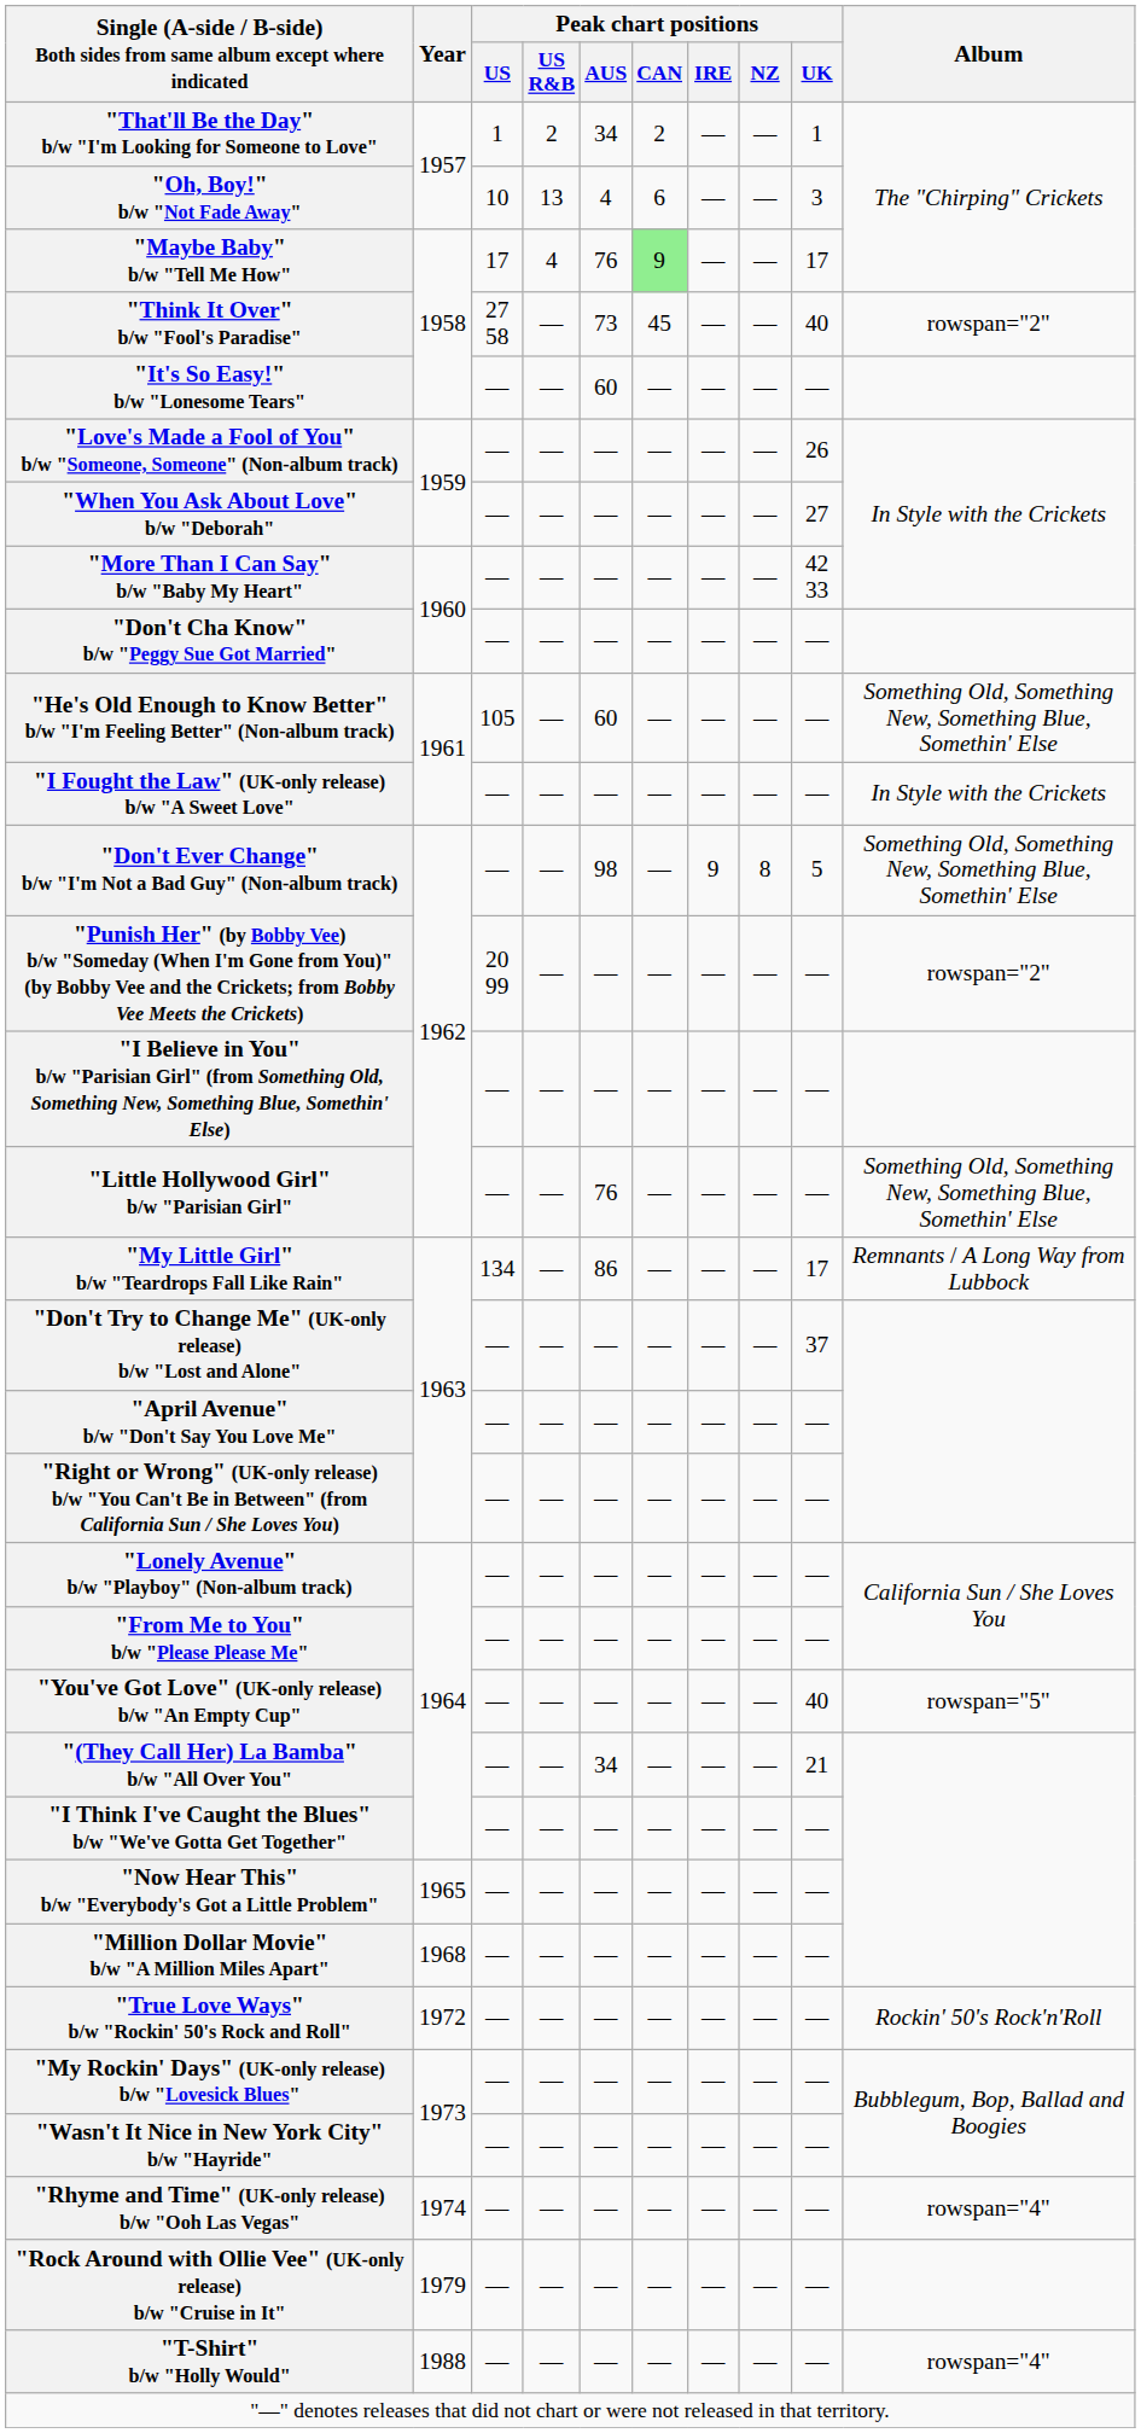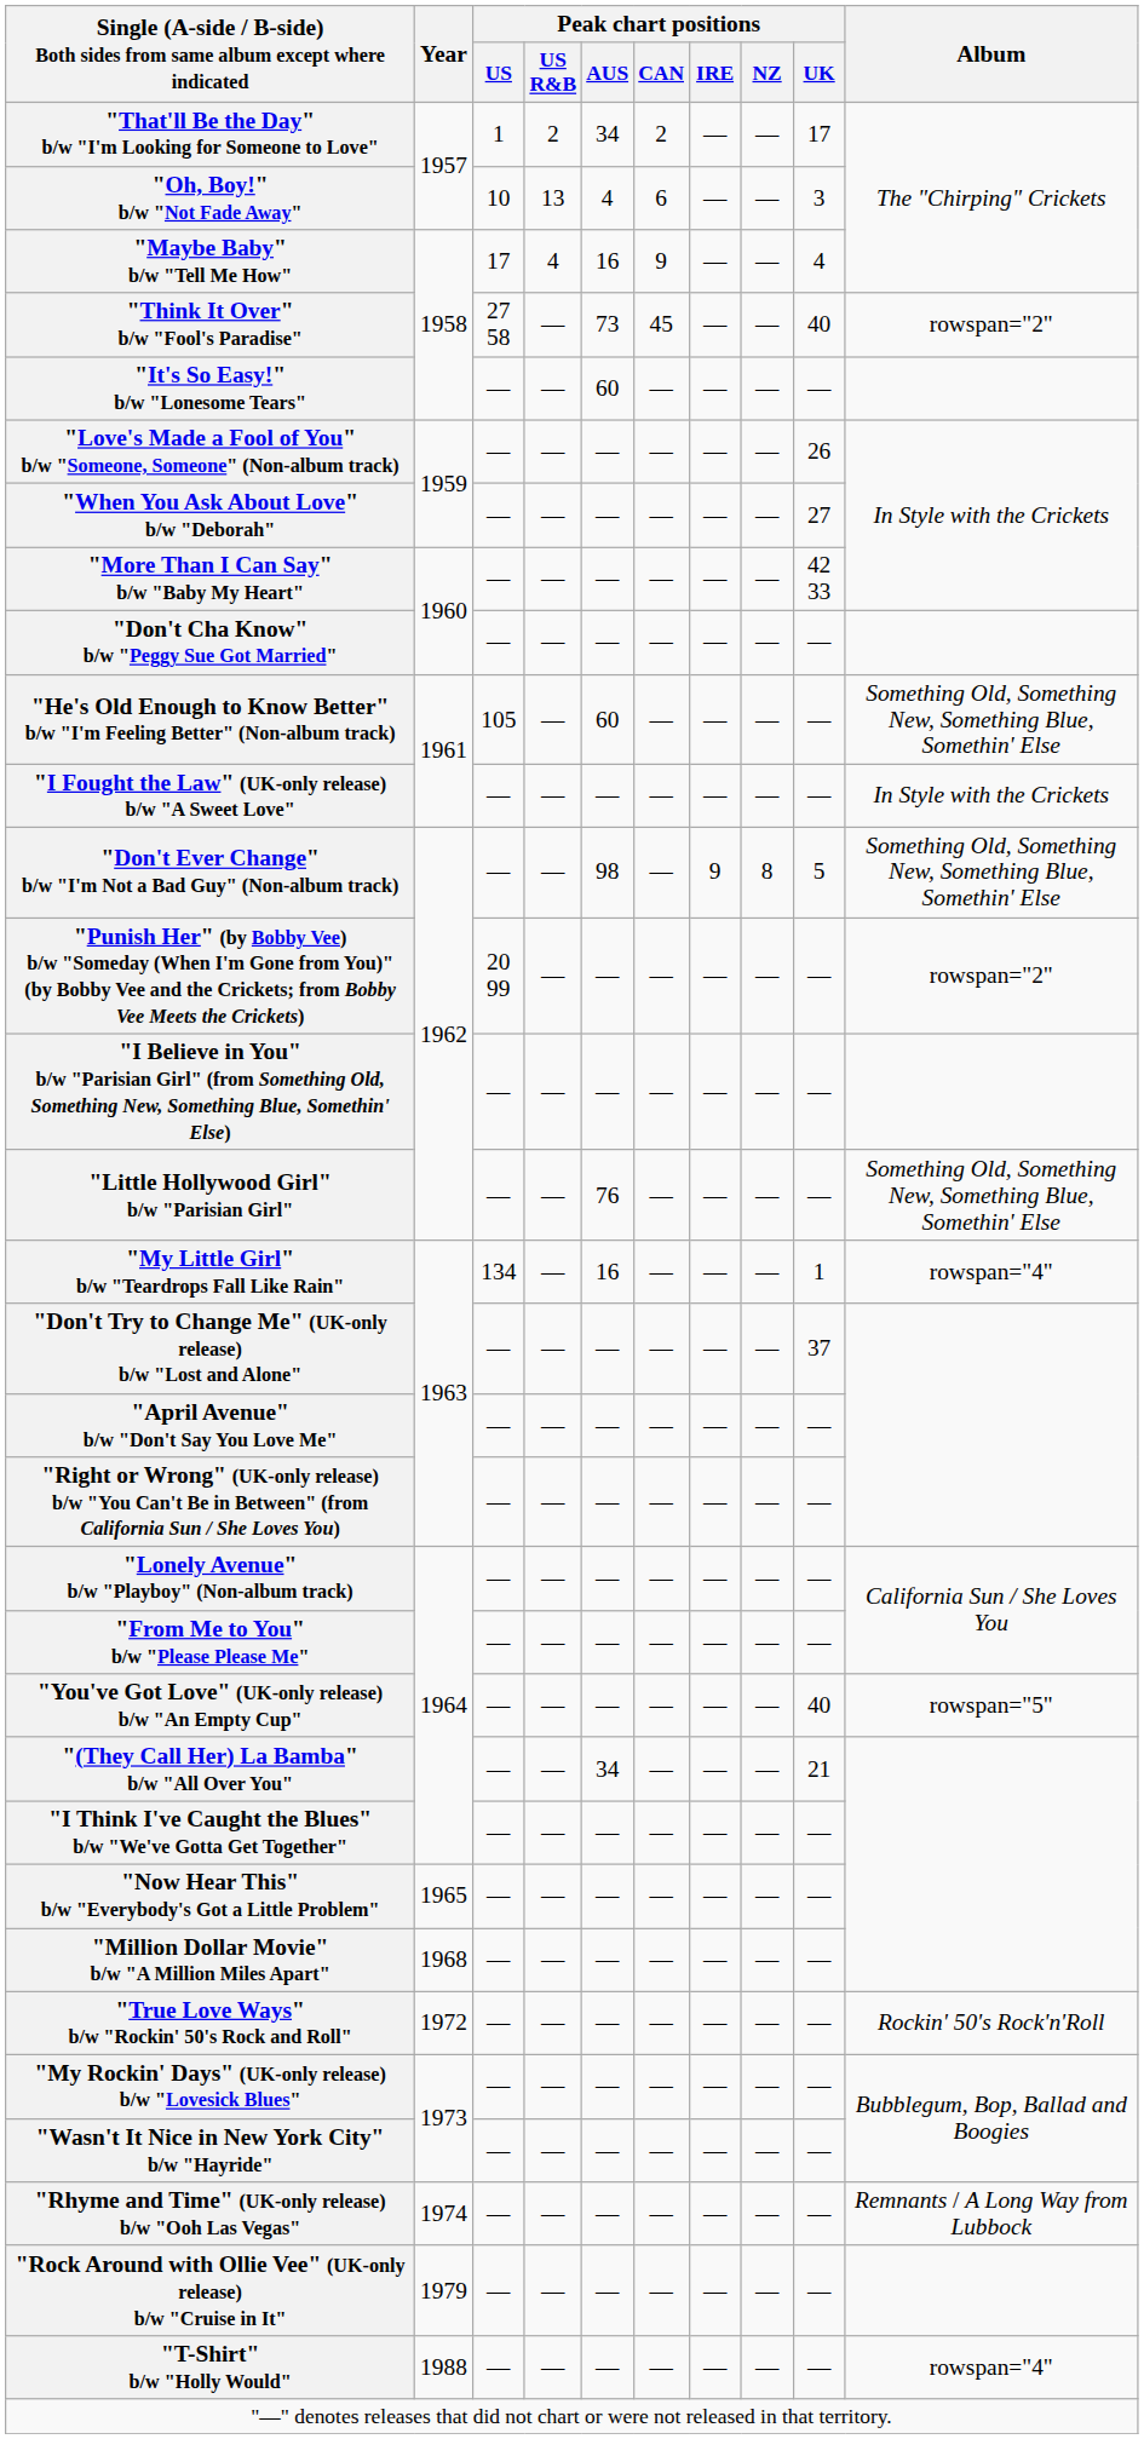 <table class="wikitable plainrowheaders" style="text-align:center;">
 <tr>
 <th rowspan="2" scope="col" style="width:17em;">Single (A-side / B-side)<br><small>Both sides from same album except where indicated</small></th>
 <th rowspan="2" scope="col" style="width:2em;">Year</th>
 <th colspan="7">Peak chart positions</th>
 <th rowspan="2" style="width:12em;">Album</th>
 </tr>
 <tr>
 <th scope="col" style="width:2em;font-size:90%;"><a href='#'>US</a><br></th>
 <th scope="col" style="width:2em;font-size:90%;"><a href='#'>US R&B</a><br></th>
 <th scope="col" style="width:2em;font-size:90%;"><a href='#'>AUS</a><br></th>
 <th scope="col" style="width:2em;font-size:90%;"><a href='#'>CAN</a><br></th>
 <th scope="col" style="width:2em;font-size:90%;"><a href='#'>IRE</a><br></th>
 <th scope="col" style="width:2em;font-size:90%;"><a href='#'>NZ</a><br></th>
 <th scope="col" style="width:2em;font-size:90%;"><a href='#'>UK</a><br></th>
 </tr>
 <tr>
 <th scope="row">"<a href='#'>That'll Be the Day</a>"<br><small>b/w "I'm Looking for Someone to Love"</small></th>
 <td rowspan="2">1957</td>
 <td>1</td>
 <td>2</td>
 <td>34</td>
 <td>2</td>
 <td>—</td>
 <td>—</td>
-<td>1</td>
+<td>17</td>
 <td rowspan="3"><em>The "Chirping" Crickets</em></td>
 </tr>
 <tr>
 <th scope="row">"<a href='#'>Oh, Boy!</a>"<br><small>b/w "<a href='#'>Not Fade Away</a>"</small></th>
 <td>10</td>
 <td>13</td>
 <td>4</td>
 <td>6</td>
 <td>—</td>
 <td>—</td>
 <td>3</td>
 </tr>
 <tr>
 <th scope="row">"<a href='#'>Maybe Baby</a>"<br><small>b/w "Tell Me How"</small></th>
 <td rowspan="3">1958</td>
 <td>17</td>
 <td>4</td>
-<td>76</td>
-<td style="background: lightgreen;">9</td>
+<td>16</td>
+<td>9</td>
 <td>—</td>
 <td>—</td>
-<td>17</td>
+<td>4</td>
 </tr>
 <tr>
 <th scope="row">"<a href='#'>Think It Over</a>"<br><small>b/w "Fool's Paradise"</small></th>
 <td>27<br>58</td>
 <td>—</td>
 <td>73</td>
 <td>45</td>
 <td>—</td>
 <td>—</td>
 <td>40</td>
 <td>rowspan="2" </td>
 </tr>
 <tr>
 <th scope="row">"<a href='#'>It's So Easy!</a>"<br><small>b/w "Lonesome Tears"</small></th>
 <td>—</td>
 <td>—</td>
 <td>60</td>
 <td>—</td>
 <td>—</td>
 <td>—</td>
 <td>—</td>
 </tr>
 <tr>
 <th scope="row">"<a href='#'>Love's Made a Fool of You</a>"<br><small>b/w "<a href='#'>Someone, Someone</a>" (Non-album track)</small></th>
 <td rowspan="2">1959</td>
 <td>—</td>
 <td>—</td>
 <td>—</td>
 <td>—</td>
 <td>—</td>
 <td>—</td>
 <td>26</td>
 <td rowspan="3"><em>In Style with the Crickets</em></td>
 </tr>
 <tr>
 <th scope="row">"<a href='#'>When You Ask About Love</a>"<br><small>b/w "Deborah"</small></th>
 <td>—</td>
 <td>—</td>
 <td>—</td>
 <td>—</td>
 <td>—</td>
 <td>—</td>
 <td>27</td>
 </tr>
 <tr>
 <th scope="row">"<a href='#'>More Than I Can Say</a>"<br><small>b/w "Baby My Heart"</small></th>
 <td rowspan="2">1960</td>
 <td>—</td>
 <td>—</td>
 <td>—</td>
 <td>—</td>
 <td>—</td>
 <td>—</td>
 <td>42<br>33</td>
 </tr>
 <tr>
 <th scope="row">"Don't Cha Know"<br><small>b/w "<a href='#'>Peggy Sue Got Married</a>"</small></th>
 <td>—</td>
 <td>—</td>
 <td>—</td>
 <td>—</td>
 <td>—</td>
 <td>—</td>
 <td>—</td>
 <td></td>
 </tr>
 <tr>
 <th scope="row">"He's Old Enough to Know Better"<br><small>b/w "I'm Feeling Better" (Non-album track)</small></th>
 <td rowspan="2">1961</td>
 <td>105</td>
 <td>—</td>
 <td>60</td>
 <td>—</td>
 <td>—</td>
 <td>—</td>
 <td>—</td>
 <td><em>Something Old, Something New, Something Blue, Somethin' Else</em></td>
 </tr>
 <tr>
 <th scope="row">"<a href='#'>I Fought the Law</a>" <small>(UK-only release)</small><br><small>b/w "A Sweet Love"</small></th>
 <td>—</td>
 <td>—</td>
 <td>—</td>
 <td>—</td>
 <td>—</td>
 <td>—</td>
 <td>—</td>
 <td><em>In Style with the Crickets</em></td>
 </tr>
 <tr>
 <th scope="row">"<a href='#'>Don't Ever Change</a>"<br><small>b/w "I'm Not a Bad Guy" (Non-album track)</small></th>
 <td rowspan="4">1962</td>
 <td>—</td>
 <td>—</td>
 <td>98</td>
 <td>—</td>
 <td>9</td>
 <td>8</td>
 <td>5</td>
 <td><em>Something Old, Something New, Something Blue, Somethin' Else</em></td>
 </tr>
 <tr>
 <th scope="row">"<a href='#'>Punish Her</a>" <small>(by <a href='#'>Bobby Vee</a>)</small><br><small>b/w "Someday (When I'm Gone from You)" (by Bobby Vee and the Crickets; from <em>Bobby Vee Meets the Crickets</em>)</small></th>
 <td>20<br>99</td>
 <td>—</td>
 <td>—</td>
 <td>—</td>
 <td>—</td>
 <td>—</td>
 <td>—</td>
 <td>rowspan="2" </td>
 </tr>
 <tr>
 <th scope="row">"I Believe in You"<br><small>b/w "Parisian Girl" (from <em>Something Old, Something New, Something Blue, Somethin' Else</em>)</small></th>
 <td>—</td>
 <td>—</td>
 <td>—</td>
 <td>—</td>
 <td>—</td>
 <td>—</td>
 <td>—</td>
 </tr>
 <tr>
 <th scope="row">"Little Hollywood Girl"<br><small>b/w "Parisian Girl"</small></th>
 <td>—</td>
 <td>—</td>
 <td>76</td>
 <td>—</td>
 <td>—</td>
 <td>—</td>
 <td>—</td>
 <td><em>Something Old, Something New, Something Blue, Somethin' Else</em></td>
 </tr>
 <tr>
 <th scope="row">"<a href='#'>My Little Girl</a>"<br><small>b/w "Teardrops Fall Like Rain"</small></th>
 <td rowspan="4">1963</td>
 <td>134</td>
 <td>—</td>
-<td>86</td>
+<td>16</td>
 <td>—</td>
 <td>—</td>
 <td>—</td>
-<td>17</td>
-<td><em>Remnants</em> / <em>A Long Way from Lubbock</em></td>
+<td>1</td>
+<td>rowspan="4" </td>
 </tr>
 <tr>
 <th scope="row">"Don't Try to Change Me" <small>(UK-only release)</small><br><small>b/w "Lost and Alone"</small></th>
 <td>—</td>
 <td>—</td>
 <td>—</td>
 <td>—</td>
 <td>—</td>
 <td>—</td>
 <td>37</td>
 </tr>
 <tr>
 <th scope="row">"April Avenue"<br><small>b/w "Don't Say You Love Me"</small></th>
 <td>—</td>
 <td>—</td>
 <td>—</td>
 <td>—</td>
 <td>—</td>
 <td>—</td>
 <td>—</td>
 </tr>
 <tr>
 <th scope="row">"Right or Wrong" <small>(UK-only release)</small><br><small>b/w "You Can't Be in Between" (from <em>California Sun / She Loves You</em>)</small></th>
 <td>—</td>
 <td>—</td>
 <td>—</td>
 <td>—</td>
 <td>—</td>
 <td>—</td>
 <td>—</td>
 </tr>
 <tr>
 <th scope="row">"<a href='#'>Lonely Avenue</a>"<br><small>b/w "Playboy" (Non-album track)</small></th>
 <td rowspan="5">1964</td>
 <td>—</td>
 <td>—</td>
 <td>—</td>
 <td>—</td>
 <td>—</td>
 <td>—</td>
 <td>—</td>
 <td rowspan="2"><em>California Sun / She Loves You</em></td>
 </tr>
 <tr>
 <th scope="row">"<a href='#'>From Me to You</a>"<br><small>b/w "<a href='#'>Please Please Me</a>"</small></th>
 <td>—</td>
 <td>—</td>
 <td>—</td>
 <td>—</td>
 <td>—</td>
 <td>—</td>
 <td>—</td>
 </tr>
 <tr>
 <th scope="row">"You've Got Love" <small>(UK-only release)</small><br><small>b/w "An Empty Cup"</small></th>
 <td>—</td>
 <td>—</td>
 <td>—</td>
 <td>—</td>
 <td>—</td>
 <td>—</td>
 <td>40</td>
 <td>rowspan="5" </td>
 </tr>
 <tr>
 <th scope="row">"<a href='#'>(They Call Her) La Bamba</a>"<br><small>b/w "All Over You"</small></th>
 <td>—</td>
 <td>—</td>
 <td>34</td>
 <td>—</td>
 <td>—</td>
 <td>—</td>
 <td>21</td>
 </tr>
 <tr>
 <th scope="row">"I Think I've Caught the Blues"<br><small>b/w "We've Gotta Get Together"</small></th>
 <td>—</td>
 <td>—</td>
 <td>—</td>
 <td>—</td>
 <td>—</td>
 <td>—</td>
 <td>—</td>
 </tr>
 <tr>
 <th scope="row">"Now Hear This"<br><small>b/w "Everybody's Got a Little Problem"</small></th>
 <td>1965</td>
 <td>—</td>
 <td>—</td>
 <td>—</td>
 <td>—</td>
 <td>—</td>
 <td>—</td>
 <td>—</td>
 </tr>
 <tr>
 <th scope="row">"Million Dollar Movie"<br><small>b/w "A Million Miles Apart"</small></th>
 <td>1968</td>
 <td>—</td>
 <td>—</td>
 <td>—</td>
 <td>—</td>
 <td>—</td>
 <td>—</td>
 <td>—</td>
 </tr>
 <tr>
 <th scope="row">"<a href='#'>True Love Ways</a>"<br><small>b/w "Rockin' 50's Rock and Roll"</small></th>
 <td>1972</td>
 <td>—</td>
 <td>—</td>
 <td>—</td>
 <td>—</td>
 <td>—</td>
 <td>—</td>
 <td>—</td>
 <td><em>Rockin' 50's Rock'n'Roll</em></td>
 </tr>
 <tr>
 <th scope="row">"My Rockin' Days" <small>(UK-only release)</small><br><small>b/w "<a href='#'>Lovesick Blues</a>"</small></th>
 <td rowspan="2">1973</td>
 <td>—</td>
 <td>—</td>
 <td>—</td>
 <td>—</td>
 <td>—</td>
 <td>—</td>
 <td>—</td>
 <td rowspan="2"><em>Bubblegum, Bop, Ballad and Boogies</em></td>
 </tr>
 <tr>
 <th scope="row">"Wasn't It Nice in New York City"<br><small>b/w "Hayride"</small></th>
 <td>—</td>
 <td>—</td>
 <td>—</td>
 <td>—</td>
 <td>—</td>
 <td>—</td>
 <td>—</td>
 </tr>
 <tr>
 <th scope="row">"Rhyme and Time" <small>(UK-only release)</small><br><small>b/w "Ooh Las Vegas"</small></th>
 <td>1974</td>
 <td>—</td>
 <td>—</td>
 <td>—</td>
 <td>—</td>
 <td>—</td>
 <td>—</td>
 <td>—</td>
-<td>rowspan="4" </td>
+<td><em>Remnants</em> / <em>A Long Way from Lubbock</em></td>
 </tr>
 <tr>
 <th scope="row">"Rock Around with Ollie Vee" <small>(UK-only release)</small><br><small>b/w "Cruise in It"</small></th>
 <td>1979</td>
 <td>—</td>
 <td>—</td>
 <td>—</td>
 <td>—</td>
 <td>—</td>
 <td>—</td>
 <td>—</td>
 <td></td>
 </tr>
 <tr>
 <th scope="row">"T-Shirt"<br><small>b/w "Holly Would"</small></th>
 <td>1988</td>
 <td>—</td>
 <td>—</td>
 <td>—</td>
 <td>—</td>
 <td>—</td>
 <td>—</td>
 <td>—</td>
 <td>rowspan="4" </td>
 </tr>
 <tr>
 <td colspan="10" style="font-size:90%">"—" denotes releases that did not chart or were not released in that territory.</td>
 </tr>
 </table>
